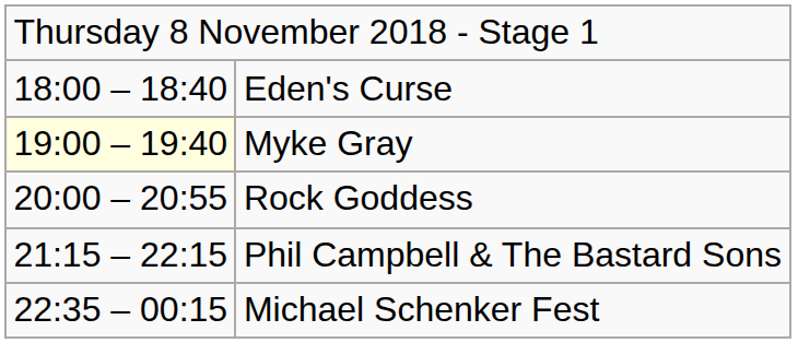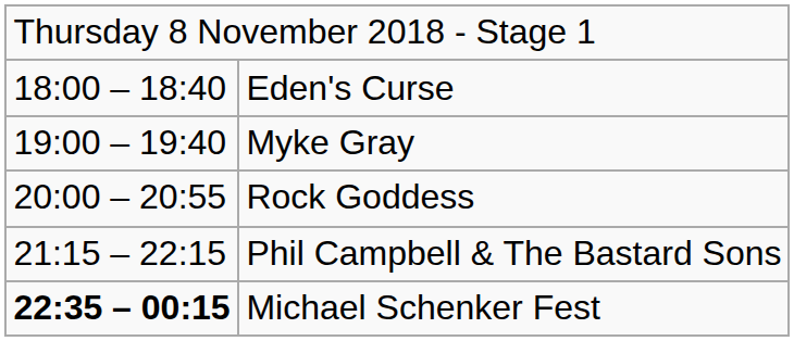 <table class="wikitable">
 <tr>
 <td colspan="2">Thursday 8 November 2018 - Stage 1</td>
 </tr>
 <tr>
 <td>18:00 – 18:40</td>
 <td>Eden's Curse</td>
 </tr>
 <tr>
-<td style="background: lightyellow;">19:00 – 19:40</td>
+<td>19:00 – 19:40</td>
 <td>Myke Gray</td>
 </tr>
 <tr>
 <td>20:00 – 20:55</td>
 <td>Rock Goddess</td>
 </tr>
 <tr>
 <td>21:15 – 22:15</td>
 <td>Phil Campbell & The Bastard Sons</td>
 </tr>
 <tr>
-<td>22:35 – 00:15</td>
+<td><strong>22:35 – 00:15</strong></td>
 <td>Michael Schenker Fest</td>
 </tr>
 </table>
